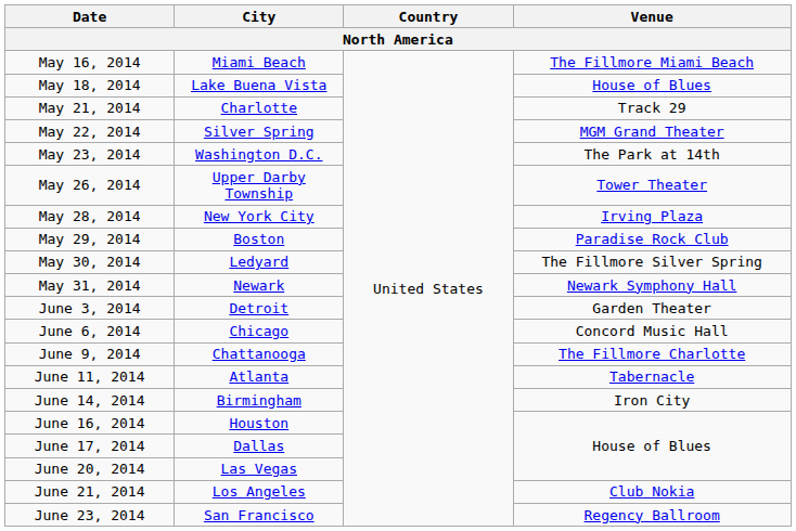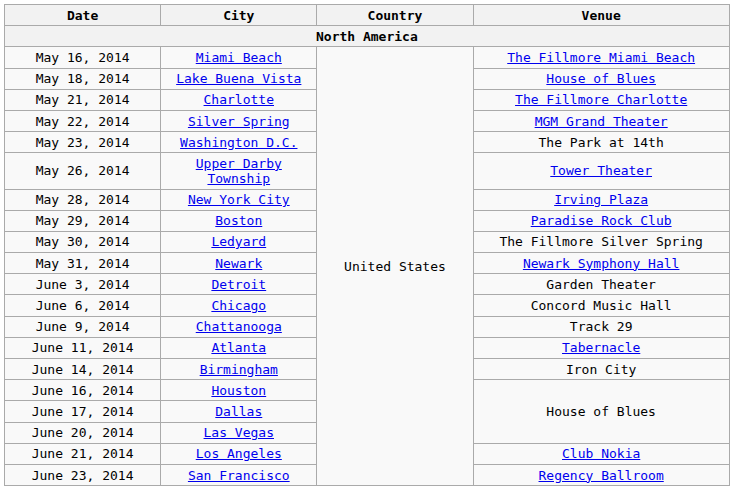 <table class="wikitable" style="text-align:center;">
 <tr>
 <th style="width:150px;">Date</th>
 <th style="width:150px;">City</th>
 <th style="width:150px;">Country</th>
 <th style="width:250px;">Venue</th>
 </tr>
 <tr>
 <th colspan="4">North America</th>
 </tr>
 <tr>
 <td>May 16, 2014</td>
 <td><a href='#'>Miami Beach</a></td>
 <td rowspan="20">United States</td>
 <td><a href='#'>The Fillmore Miami Beach</a></td>
 </tr>
 <tr>
 <td>May 18, 2014</td>
 <td><a href='#'>Lake Buena Vista</a></td>
 <td><a href='#'>House of Blues</a></td>
 </tr>
 <tr>
 <td>May 21, 2014</td>
 <td><a href='#'>Charlotte</a></td>
-<td>Track 29</td>
+<td><a href='#'>The Fillmore Charlotte</a></td>
 </tr>
 <tr>
 <td>May 22, 2014</td>
 <td><a href='#'>Silver Spring</a></td>
 <td><a href='#'>MGM Grand Theater</a></td>
 </tr>
 <tr>
 <td>May 23, 2014</td>
 <td><a href='#'>Washington D.C.</a></td>
 <td>The Park at 14th</td>
 </tr>
 <tr>
 <td>May 26, 2014</td>
 <td><a href='#'>Upper Darby Township</a></td>
 <td><a href='#'>Tower Theater</a></td>
 </tr>
 <tr>
 <td>May 28, 2014</td>
 <td><a href='#'>New York City</a></td>
 <td><a href='#'>Irving Plaza</a></td>
 </tr>
 <tr>
 <td>May 29, 2014</td>
 <td><a href='#'>Boston</a></td>
 <td><a href='#'>Paradise Rock Club</a></td>
 </tr>
 <tr>
 <td>May 30, 2014</td>
 <td><a href='#'>Ledyard</a></td>
 <td>The Fillmore Silver Spring</td>
 </tr>
 <tr>
 <td>May 31, 2014</td>
 <td><a href='#'>Newark</a></td>
 <td><a href='#'>Newark Symphony Hall</a></td>
 </tr>
 <tr>
 <td>June 3, 2014</td>
 <td><a href='#'>Detroit</a></td>
 <td>Garden Theater</td>
 </tr>
 <tr>
 <td>June 6, 2014</td>
 <td><a href='#'>Chicago</a></td>
 <td>Concord Music Hall</td>
 </tr>
 <tr>
 <td>June 9, 2014</td>
 <td><a href='#'>Chattanooga</a></td>
-<td><a href='#'>The Fillmore Charlotte</a></td>
+<td>Track 29</td>
 </tr>
 <tr>
 <td>June 11, 2014</td>
 <td><a href='#'>Atlanta</a></td>
 <td><a href='#'>Tabernacle</a></td>
 </tr>
 <tr>
 <td>June 14, 2014</td>
 <td><a href='#'>Birmingham</a></td>
 <td>Iron City</td>
 </tr>
 <tr>
 <td>June 16, 2014</td>
 <td><a href='#'>Houston</a></td>
 <td rowspan="3">House of Blues</td>
 </tr>
 <tr>
 <td>June 17, 2014</td>
 <td><a href='#'>Dallas</a></td>
 </tr>
 <tr>
 <td>June 20, 2014</td>
 <td><a href='#'>Las Vegas</a></td>
 </tr>
 <tr>
 <td>June 21, 2014</td>
 <td><a href='#'>Los Angeles</a></td>
 <td><a href='#'>Club Nokia</a></td>
 </tr>
 <tr>
 <td>June 23, 2014</td>
 <td><a href='#'>San Francisco</a></td>
 <td><a href='#'>Regency Ballroom</a></td>
 </tr>
 <tr>
 </tr>
 </table>
